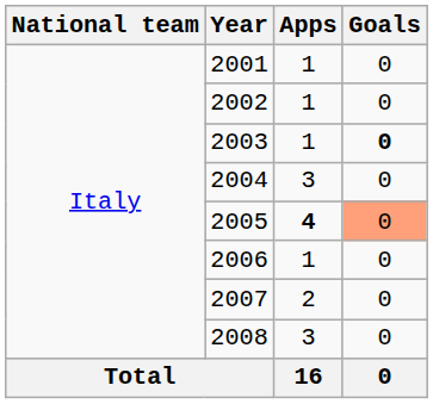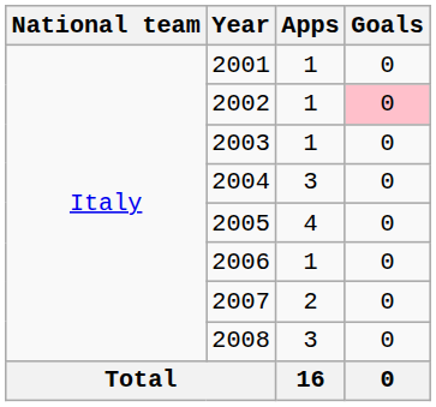 <table class="wikitable" style="text-align:center">
 <tr>
 <th>National team</th>
 <th>Year</th>
 <th>Apps</th>
 <th>Goals</th>
 </tr>
 <tr>
 <td rowspan="8"><a href='#'>Italy</a></td>
 <td>2001</td>
 <td>1</td>
 <td>0</td>
 </tr>
 <tr>
 <td>2002</td>
 <td>1</td>
-<td>0</td>
+<td style="background: pink;">0</td>
 </tr>
 <tr>
 <td>2003</td>
 <td>1</td>
-<td><strong>0</strong></td>
+<td>0</td>
 </tr>
 <tr>
 <td>2004</td>
 <td>3</td>
 <td>0</td>
 </tr>
 <tr>
 <td>2005</td>
-<td><strong>4</strong></td>
-<td style="background: lightsalmon;">0</td>
+<td>4</td>
+<td>0</td>
 </tr>
 <tr>
 <td>2006</td>
 <td>1</td>
 <td>0</td>
 </tr>
 <tr>
 <td>2007</td>
 <td>2</td>
 <td>0</td>
 </tr>
 <tr>
 <td>2008</td>
 <td>3</td>
 <td>0</td>
 </tr>
 <tr>
 <th colspan="2">Total</th>
 <th>16</th>
 <th>0</th>
 </tr>
 </table>
